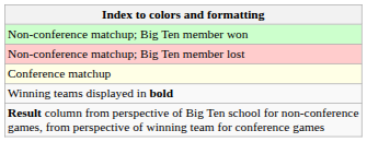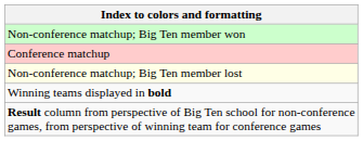 <table class="wikitable">
 <tr>
 <th>Index to colors and formatting</th>
 </tr>
 <tr bgcolor=#ccffcc>
 <td>Non-conference matchup; Big Ten member won</td>
 </tr>
 <tr bgcolor=#ffcccc>
-<td>Non-conference matchup; Big Ten member lost</td>
+<td>Conference matchup</td>
 </tr>
 <tr bgcolor=#ffffe6>
-<td>Conference matchup</td>
+<td>Non-conference matchup; Big Ten member lost</td>
 </tr>
 <tr>
 <td>Winning teams displayed in <strong>bold</strong></td>
 </tr>
 <tr>
 <td><strong>Result</strong> column from perspective of Big Ten school for non-conference<br>games, from perspective of winning team for conference games</td>
 </tr>
 </table>
